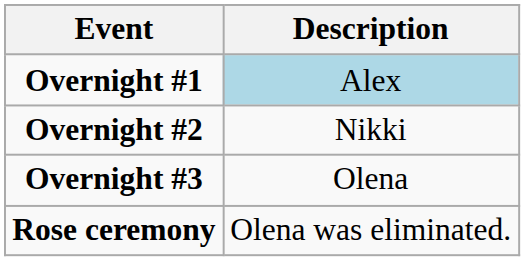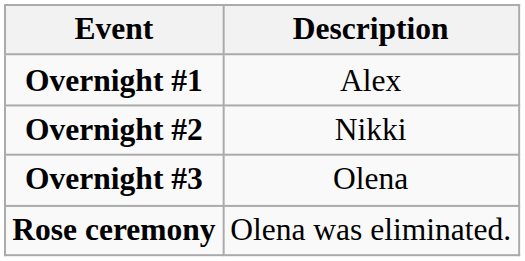 <table class="wikitable sortable" style="text-align:center;">
 <tr>
 <th>Event</th>
 <th>Description</th>
 </tr>
 <tr>
 <td><strong>Overnight #1</strong></td>
-<td style="background: lightblue;">Alex</td>
+<td>Alex</td>
 </tr>
 <tr>
 <td><strong>Overnight #2</strong></td>
 <td>Nikki</td>
 </tr>
 <tr>
 <td><strong>Overnight #3</strong></td>
 <td>Olena</td>
 </tr>
 <tr>
 <td><strong>Rose ceremony</strong></td>
 <td>Olena was eliminated.</td>
 </tr>
 </table>
